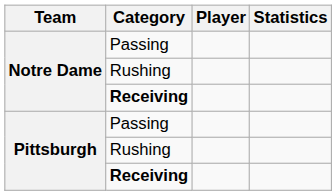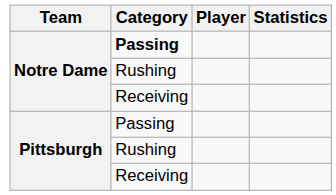 <table class="wikitable" style="float:right">
 <tr>
 <th>Team</th>
 <th>Category</th>
 <th>Player</th>
 <th>Statistics</th>
 </tr>
 <tr>
 <th rowspan=3>Notre Dame</th>
-<td>Passing</td>
+<td><strong>Passing</strong></td>
 <td></td>
 <td></td>
 </tr>
 <tr>
 <td>Rushing</td>
 <td></td>
 <td></td>
 </tr>
 <tr>
-<td><strong>Receiving</strong></td>
+<td>Receiving</td>
 <td></td>
 <td></td>
 </tr>
 <tr>
 <th rowspan=3>Pittsburgh</th>
 <td>Passing</td>
 <td></td>
 <td></td>
 </tr>
 <tr>
 <td>Rushing</td>
 <td></td>
 <td></td>
 </tr>
 <tr>
-<td><strong>Receiving</strong></td>
+<td>Receiving</td>
 <td></td>
 <td></td>
 </tr>
 </table>
